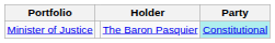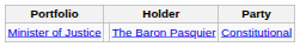 <table class="wikitable">
 <tr>
 <th>Portfolio</th>
 <th colspan=2>Holder</th>
 <th>Party</th>
 </tr>
 <tr>
 <td><a href='#'>Minister of Justice</a></td>
 <td style="background:"></td>
 <td><a href='#'>The Baron Pasquier</a></td>
-<td style="background: paleturquoise;"><a href='#'>Constitutional</a></td>
+<td><a href='#'>Constitutional</a></td>
 </tr>
 </table>
